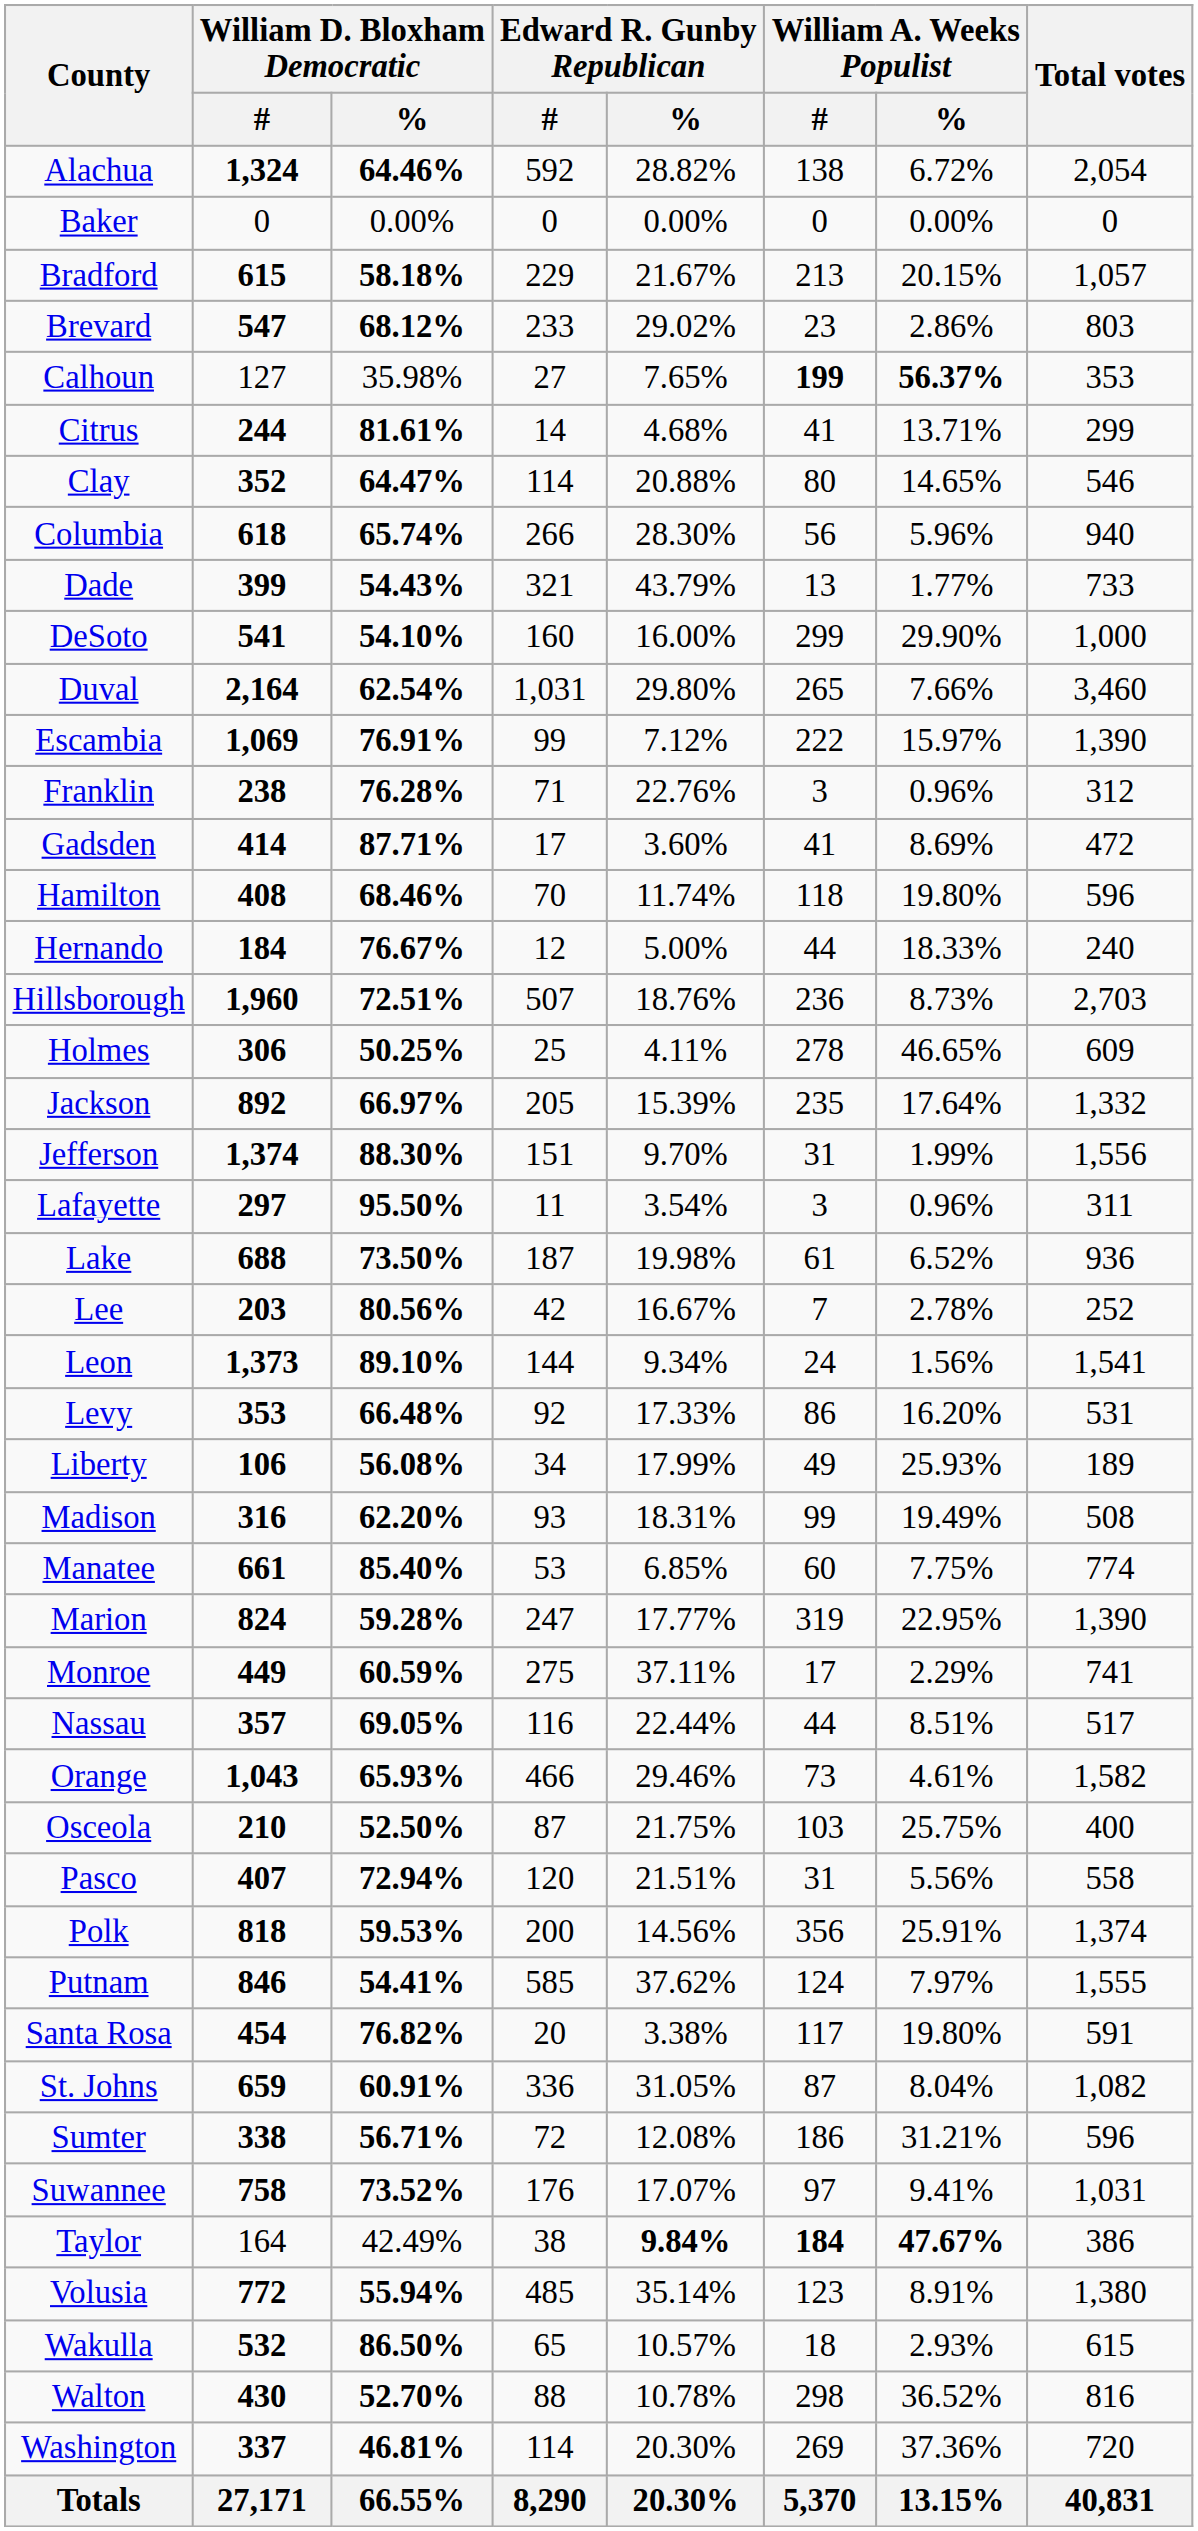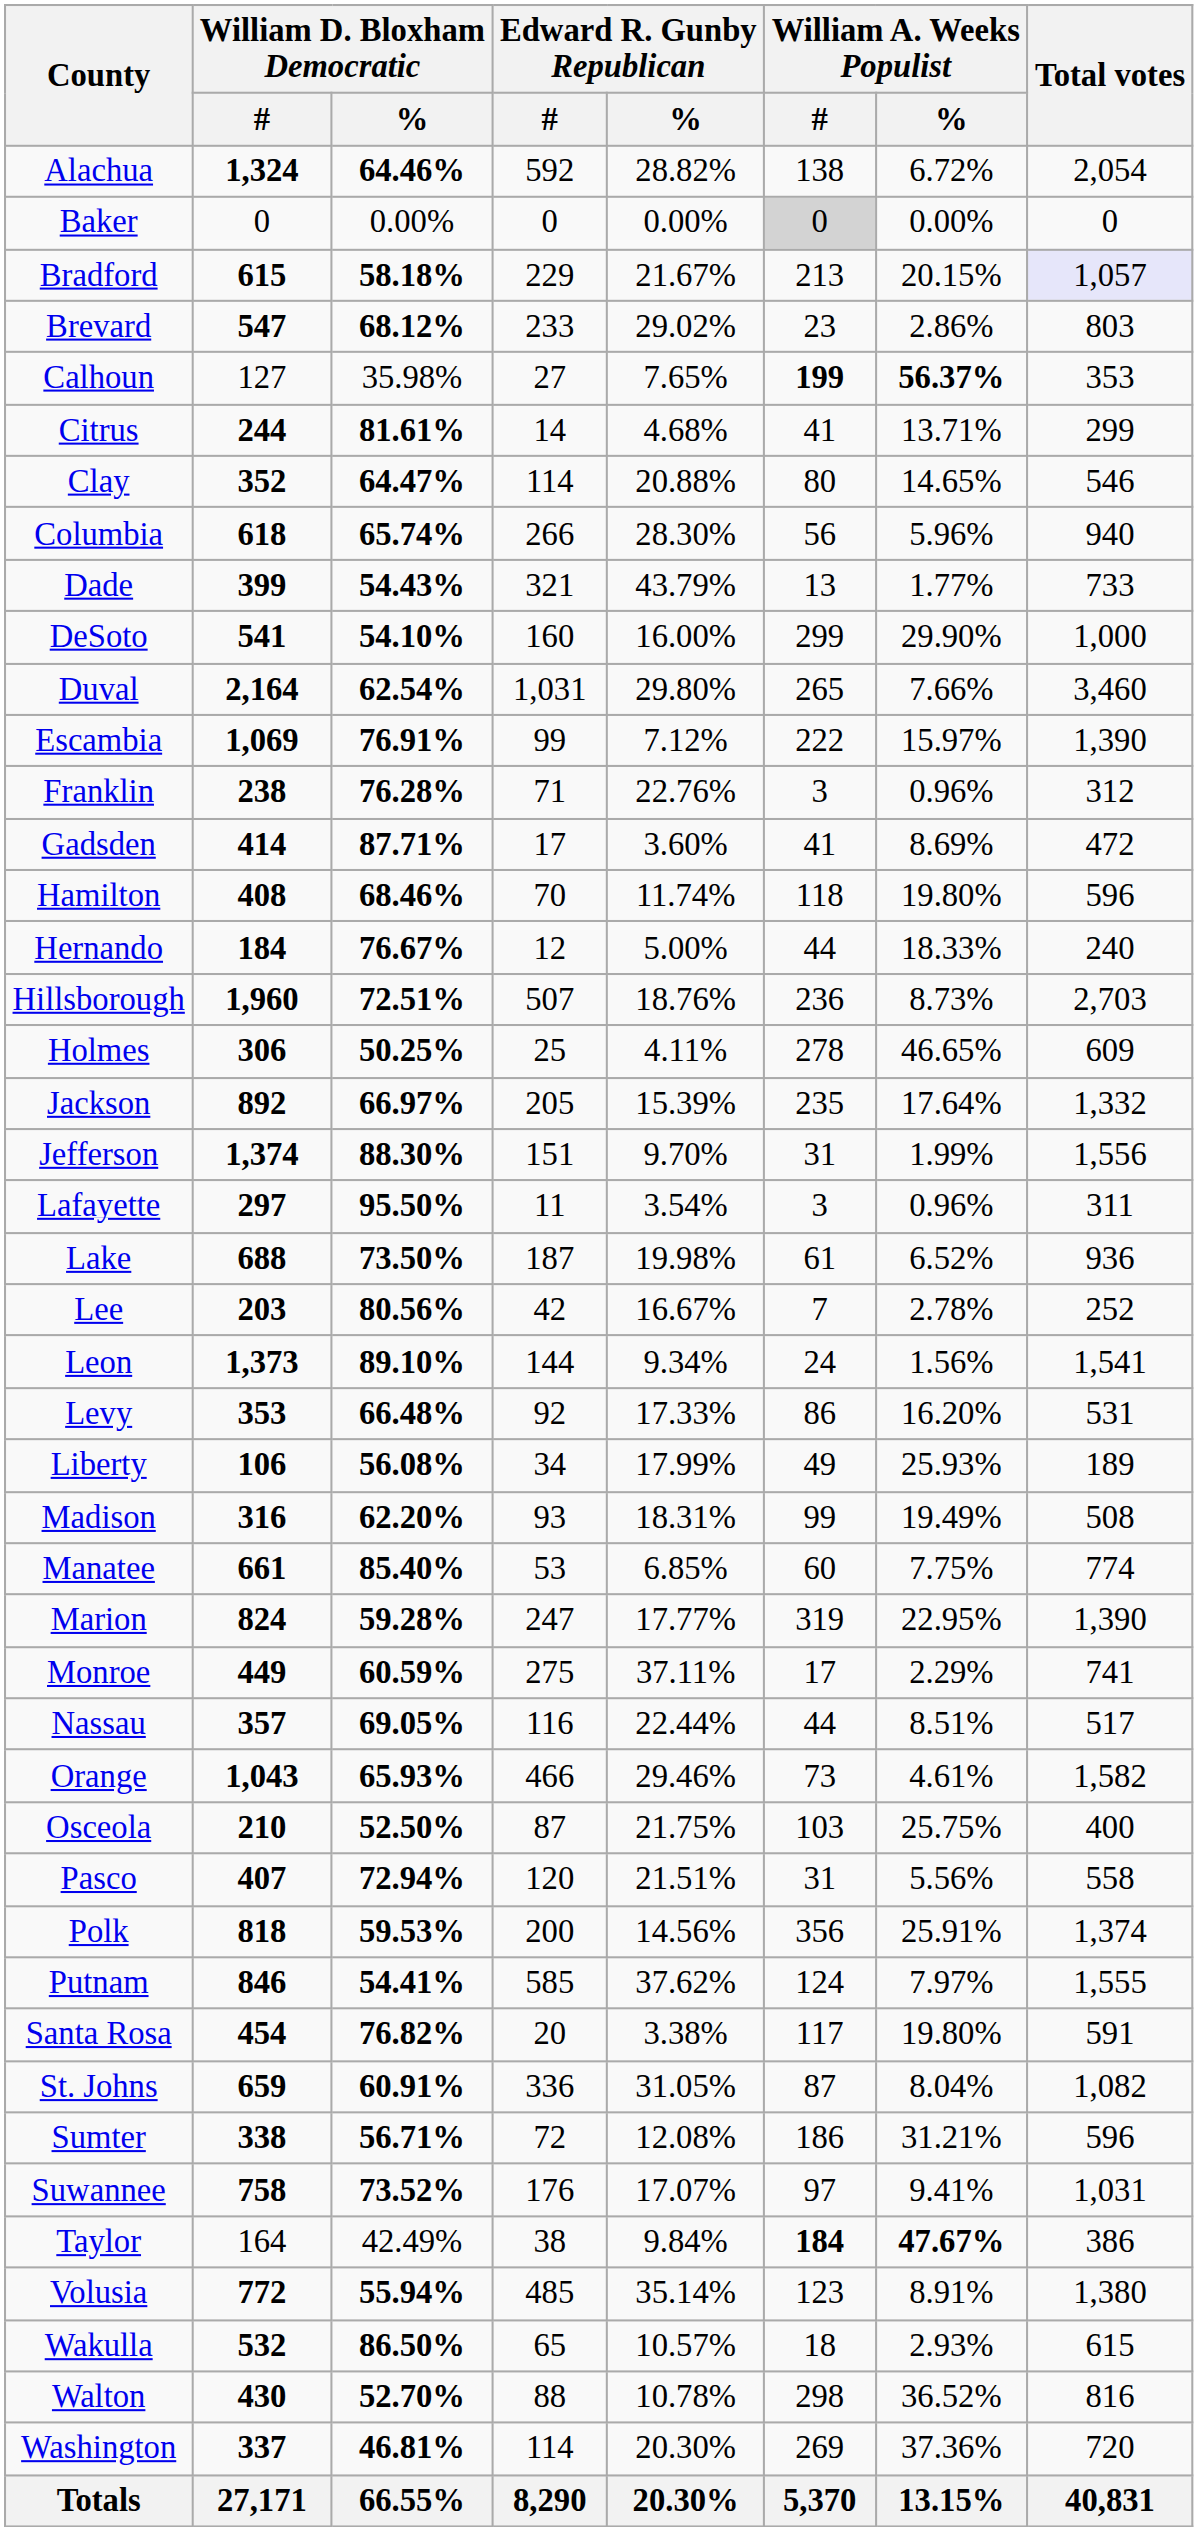 <table class="wikitable sortable">
 <tr>
 <th rowspan="2">County</th>
 <th colspan="2" style="text-align: center;" >William D. Bloxham <br><em>Democratic</em></th>
 <th colspan="2" style="text-align: center;" >Edward R. Gunby <br> <em>Republican</em></th>
 <th colspan="2" style="text-align: center;" >William A. Weeks <br> <em>Populist</em></th>
 <th rowspan="2">Total votes</th>
 </tr>
 <tr>
 <th colspan="1" style="text-align: center;" >#</th>
 <th colspan="1" style="text-align: center;" >%</th>
 <th colspan="1" style="text-align: center;" >#</th>
 <th colspan="1" style="text-align: center;" >%</th>
 <th colspan="1" style="text-align: center;" >#</th>
 <th colspan="1" style="text-align: center;" >%</th>
 </tr>
 <tr style="text-align:center;">
 <td><a href='#'>Alachua</a></td>
 <td><strong>1,324</strong></td>
 <td><strong>64.46%</strong></td>
 <td>592</td>
 <td>28.82%</td>
 <td>138</td>
 <td>6.72%</td>
 <td>2,054</td>
 </tr>
 <tr style="text-align:center;">
 <td><a href='#'>Baker</a></td>
 <td>0</td>
 <td>0.00%</td>
 <td>0</td>
 <td>0.00%</td>
-<td>0</td>
+<td style="background: lightgrey;">0</td>
 <td>0.00%</td>
 <td>0</td>
 </tr>
 <tr style="text-align:center;">
 <td><a href='#'>Bradford</a></td>
 <td><strong>615</strong></td>
 <td><strong>58.18%</strong></td>
 <td>229</td>
 <td>21.67%</td>
 <td>213</td>
 <td>20.15%</td>
-<td>1,057</td>
+<td style="background: lavender;">1,057</td>
 </tr>
 <tr style="text-align:center;">
 <td><a href='#'>Brevard</a></td>
 <td><strong>547</strong></td>
 <td><strong>68.12%</strong></td>
 <td>233</td>
 <td>29.02%</td>
 <td>23</td>
 <td>2.86%</td>
 <td>803</td>
 </tr>
 <tr style="text-align:center;">
 <td><a href='#'>Calhoun</a></td>
 <td>127</td>
 <td>35.98%</td>
 <td>27</td>
 <td>7.65%</td>
 <td><strong>199</strong></td>
 <td><strong>56.37%</strong></td>
 <td>353</td>
 </tr>
 <tr style="text-align:center;">
 <td><a href='#'>Citrus</a></td>
 <td><strong>244</strong></td>
 <td><strong>81.61%</strong></td>
 <td>14</td>
 <td>4.68%</td>
 <td>41</td>
 <td>13.71%</td>
 <td>299</td>
 </tr>
 <tr style="text-align:center;">
 <td><a href='#'>Clay</a></td>
 <td><strong>352</strong></td>
 <td><strong>64.47%</strong></td>
 <td>114</td>
 <td>20.88%</td>
 <td>80</td>
 <td>14.65%</td>
 <td>546</td>
 </tr>
 <tr style="text-align:center;">
 <td><a href='#'>Columbia</a></td>
 <td><strong>618</strong></td>
 <td><strong>65.74%</strong></td>
 <td>266</td>
 <td>28.30%</td>
 <td>56</td>
 <td>5.96%</td>
 <td>940</td>
 </tr>
 <tr style="text-align:center;">
 <td><a href='#'>Dade</a></td>
 <td><strong>399</strong></td>
 <td><strong>54.43%</strong></td>
 <td>321</td>
 <td>43.79%</td>
 <td>13</td>
 <td>1.77%</td>
 <td>733</td>
 </tr>
 <tr style="text-align:center;">
 <td><a href='#'>DeSoto</a></td>
 <td><strong>541</strong></td>
 <td><strong>54.10%</strong></td>
 <td>160</td>
 <td>16.00%</td>
 <td>299</td>
 <td>29.90%</td>
 <td>1,000</td>
 </tr>
 <tr style="text-align:center;">
 <td><a href='#'>Duval</a></td>
 <td><strong>2,164</strong></td>
 <td><strong>62.54%</strong></td>
 <td>1,031</td>
 <td>29.80%</td>
 <td>265</td>
 <td>7.66%</td>
 <td>3,460</td>
 </tr>
 <tr style="text-align:center;">
 <td><a href='#'>Escambia</a></td>
 <td><strong>1,069</strong></td>
 <td><strong>76.91%</strong></td>
 <td>99</td>
 <td>7.12%</td>
 <td>222</td>
 <td>15.97%</td>
 <td>1,390</td>
 </tr>
 <tr style="text-align:center;">
 <td><a href='#'>Franklin</a></td>
 <td><strong>238</strong></td>
 <td><strong>76.28%</strong></td>
 <td>71</td>
 <td>22.76%</td>
 <td>3</td>
 <td>0.96%</td>
 <td>312</td>
 </tr>
 <tr style="text-align:center;">
 <td><a href='#'>Gadsden</a></td>
 <td><strong>414</strong></td>
 <td><strong>87.71%</strong></td>
 <td>17</td>
 <td>3.60%</td>
 <td>41</td>
 <td>8.69%</td>
 <td>472</td>
 </tr>
 <tr style="text-align:center;">
 <td><a href='#'>Hamilton</a></td>
 <td><strong>408</strong></td>
 <td><strong>68.46%</strong></td>
 <td>70</td>
 <td>11.74%</td>
 <td>118</td>
 <td>19.80%</td>
 <td>596</td>
 </tr>
 <tr style="text-align:center;">
 <td><a href='#'>Hernando</a></td>
 <td><strong>184</strong></td>
 <td><strong>76.67%</strong></td>
 <td>12</td>
 <td>5.00%</td>
 <td>44</td>
 <td>18.33%</td>
 <td>240</td>
 </tr>
 <tr style="text-align:center;">
 <td><a href='#'>Hillsborough</a></td>
 <td><strong>1,960</strong></td>
 <td><strong>72.51%</strong></td>
 <td>507</td>
 <td>18.76%</td>
 <td>236</td>
 <td>8.73%</td>
 <td>2,703</td>
 </tr>
 <tr style="text-align:center;">
 <td><a href='#'>Holmes</a></td>
 <td><strong>306</strong></td>
 <td><strong>50.25%</strong></td>
 <td>25</td>
 <td>4.11%</td>
 <td>278</td>
 <td>46.65%</td>
 <td>609</td>
 </tr>
 <tr style="text-align:center;">
 <td><a href='#'>Jackson</a></td>
 <td><strong>892</strong></td>
 <td><strong>66.97%</strong></td>
 <td>205</td>
 <td>15.39%</td>
 <td>235</td>
 <td>17.64%</td>
 <td>1,332</td>
 </tr>
 <tr style="text-align:center;">
 <td><a href='#'>Jefferson</a></td>
 <td><strong>1,374</strong></td>
 <td><strong>88.30%</strong></td>
 <td>151</td>
 <td>9.70%</td>
 <td>31</td>
 <td>1.99%</td>
 <td>1,556</td>
 </tr>
 <tr style="text-align:center;">
 <td><a href='#'>Lafayette</a></td>
 <td><strong>297</strong></td>
 <td><strong>95.50%</strong></td>
 <td>11</td>
 <td>3.54%</td>
 <td>3</td>
 <td>0.96%</td>
 <td>311</td>
 </tr>
 <tr style="text-align:center;">
 <td><a href='#'>Lake</a></td>
 <td><strong>688</strong></td>
 <td><strong>73.50%</strong></td>
 <td>187</td>
 <td>19.98%</td>
 <td>61</td>
 <td>6.52%</td>
 <td>936</td>
 </tr>
 <tr style="text-align:center;">
 <td><a href='#'>Lee</a></td>
 <td><strong>203</strong></td>
 <td><strong>80.56%</strong></td>
 <td>42</td>
 <td>16.67%</td>
 <td>7</td>
 <td>2.78%</td>
 <td>252</td>
 </tr>
 <tr style="text-align:center;">
 <td><a href='#'>Leon</a></td>
 <td><strong>1,373</strong></td>
 <td><strong>89.10%</strong></td>
 <td>144</td>
 <td>9.34%</td>
 <td>24</td>
 <td>1.56%</td>
 <td>1,541</td>
 </tr>
 <tr style="text-align:center;">
 <td><a href='#'>Levy</a></td>
 <td><strong>353</strong></td>
 <td><strong>66.48%</strong></td>
 <td>92</td>
 <td>17.33%</td>
 <td>86</td>
 <td>16.20%</td>
 <td>531</td>
 </tr>
 <tr style="text-align:center;">
 <td><a href='#'>Liberty</a></td>
 <td><strong>106</strong></td>
 <td><strong>56.08%</strong></td>
 <td>34</td>
 <td>17.99%</td>
 <td>49</td>
 <td>25.93%</td>
 <td>189</td>
 </tr>
 <tr style="text-align:center;">
 <td><a href='#'>Madison</a></td>
 <td><strong>316</strong></td>
 <td><strong>62.20%</strong></td>
 <td>93</td>
 <td>18.31%</td>
 <td>99</td>
 <td>19.49%</td>
 <td>508</td>
 </tr>
 <tr style="text-align:center;">
 <td><a href='#'>Manatee</a></td>
 <td><strong>661</strong></td>
 <td><strong>85.40%</strong></td>
 <td>53</td>
 <td>6.85%</td>
 <td>60</td>
 <td>7.75%</td>
 <td>774</td>
 </tr>
 <tr style="text-align:center;">
 <td><a href='#'>Marion</a></td>
 <td><strong>824</strong></td>
 <td><strong>59.28%</strong></td>
 <td>247</td>
 <td>17.77%</td>
 <td>319</td>
 <td>22.95%</td>
 <td>1,390</td>
 </tr>
 <tr style="text-align:center;">
 <td><a href='#'>Monroe</a></td>
 <td><strong>449</strong></td>
 <td><strong>60.59%</strong></td>
 <td>275</td>
 <td>37.11%</td>
 <td>17</td>
 <td>2.29%</td>
 <td>741</td>
 </tr>
 <tr style="text-align:center;">
 <td><a href='#'>Nassau</a></td>
 <td><strong>357</strong></td>
 <td><strong>69.05%</strong></td>
 <td>116</td>
 <td>22.44%</td>
 <td>44</td>
 <td>8.51%</td>
 <td>517</td>
 </tr>
 <tr style="text-align:center;">
 <td><a href='#'>Orange</a></td>
 <td><strong>1,043</strong></td>
 <td><strong>65.93%</strong></td>
 <td>466</td>
 <td>29.46%</td>
 <td>73</td>
 <td>4.61%</td>
 <td>1,582</td>
 </tr>
 <tr style="text-align:center;">
 <td><a href='#'>Osceola</a></td>
 <td><strong>210</strong></td>
 <td><strong>52.50%</strong></td>
 <td>87</td>
 <td>21.75%</td>
 <td>103</td>
 <td>25.75%</td>
 <td>400</td>
 </tr>
 <tr style="text-align:center;">
 <td><a href='#'>Pasco</a></td>
 <td><strong>407</strong></td>
 <td><strong>72.94%</strong></td>
 <td>120</td>
 <td>21.51%</td>
 <td>31</td>
 <td>5.56%</td>
 <td>558</td>
 </tr>
 <tr style="text-align:center;">
 <td><a href='#'>Polk</a></td>
 <td><strong>818</strong></td>
 <td><strong>59.53%</strong></td>
 <td>200</td>
 <td>14.56%</td>
 <td>356</td>
 <td>25.91%</td>
 <td>1,374</td>
 </tr>
 <tr style="text-align:center;">
 <td><a href='#'>Putnam</a></td>
 <td><strong>846</strong></td>
 <td><strong>54.41%</strong></td>
 <td>585</td>
 <td>37.62%</td>
 <td>124</td>
 <td>7.97%</td>
 <td>1,555</td>
 </tr>
 <tr style="text-align:center;">
 <td><a href='#'>Santa Rosa</a></td>
 <td><strong>454</strong></td>
 <td><strong>76.82%</strong></td>
 <td>20</td>
 <td>3.38%</td>
 <td>117</td>
 <td>19.80%</td>
 <td>591</td>
 </tr>
 <tr style="text-align:center;">
 <td><a href='#'>St. Johns</a></td>
 <td><strong>659</strong></td>
 <td><strong>60.91%</strong></td>
 <td>336</td>
 <td>31.05%</td>
 <td>87</td>
 <td>8.04%</td>
 <td>1,082</td>
 </tr>
 <tr style="text-align:center;">
 <td><a href='#'>Sumter</a></td>
 <td><strong>338</strong></td>
 <td><strong>56.71%</strong></td>
 <td>72</td>
 <td>12.08%</td>
 <td>186</td>
 <td>31.21%</td>
 <td>596</td>
 </tr>
 <tr style="text-align:center;">
 <td><a href='#'>Suwannee</a></td>
 <td><strong>758</strong></td>
 <td><strong>73.52%</strong></td>
 <td>176</td>
 <td>17.07%</td>
 <td>97</td>
 <td>9.41%</td>
 <td>1,031</td>
 </tr>
 <tr style="text-align:center;">
 <td><a href='#'>Taylor</a></td>
 <td>164</td>
 <td>42.49%</td>
 <td>38</td>
-<td><strong>9.84%</strong></td>
+<td>9.84%</td>
 <td><strong>184</strong></td>
 <td><strong>47.67%</strong></td>
 <td>386</td>
 </tr>
 <tr style="text-align:center;">
 <td><a href='#'>Volusia</a></td>
 <td><strong>772</strong></td>
 <td><strong>55.94%</strong></td>
 <td>485</td>
 <td>35.14%</td>
 <td>123</td>
 <td>8.91%</td>
 <td>1,380</td>
 </tr>
 <tr style="text-align:center;">
 <td><a href='#'>Wakulla</a></td>
 <td><strong>532</strong></td>
 <td><strong>86.50%</strong></td>
 <td>65</td>
 <td>10.57%</td>
 <td>18</td>
 <td>2.93%</td>
 <td>615</td>
 </tr>
 <tr style="text-align:center;">
 <td><a href='#'>Walton</a></td>
 <td><strong>430</strong></td>
 <td><strong>52.70%</strong></td>
 <td>88</td>
 <td>10.78%</td>
 <td>298</td>
 <td>36.52%</td>
 <td>816</td>
 </tr>
 <tr style="text-align:center;">
 <td><a href='#'>Washington</a></td>
 <td><strong>337</strong></td>
 <td><strong>46.81%</strong></td>
 <td>114</td>
 <td>20.30%</td>
 <td>269</td>
 <td>37.36%</td>
 <td>720</td>
 </tr>
 <tr style="text-align:center;">
 <th>Totals</th>
 <th>27,171</th>
 <th>66.55%</th>
 <th>8,290</th>
 <th>20.30%</th>
 <th>5,370</th>
 <th>13.15%</th>
 <th>40,831</th>
 </tr>
 </table>
